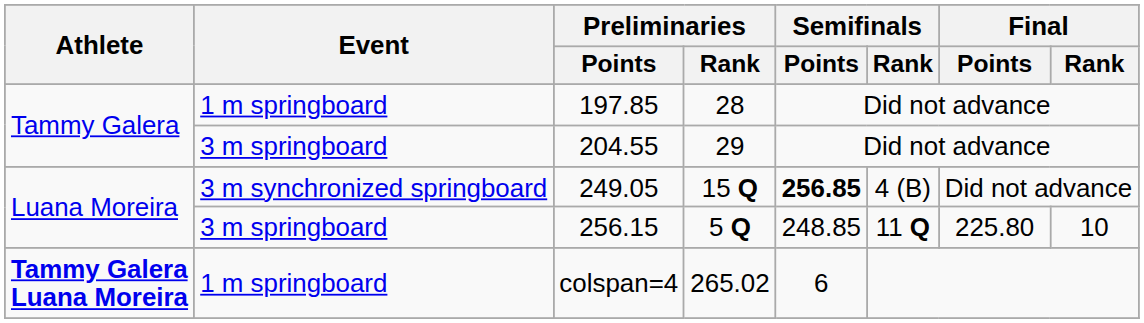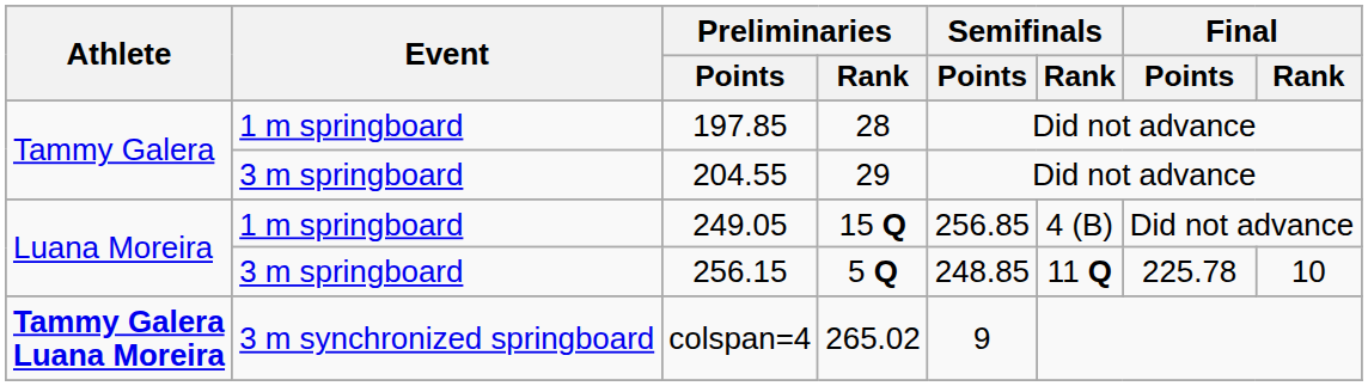 <table class=wikitable style="font-size:90%;">
 <tr>
 <th rowspan="2">Athlete</th>
 <th rowspan="2">Event</th>
 <th colspan="2">Preliminaries</th>
 <th colspan="2">Semifinals</th>
 <th colspan="2">Final</th>
 </tr>
 <tr style="font-size:95%">
 <th>Points</th>
 <th>Rank</th>
 <th>Points</th>
 <th>Rank</th>
 <th>Points</th>
 <th>Rank</th>
 </tr>
 <tr align=center>
 <td align=left rowspan=2><a href='#'>Tammy Galera</a></td>
 <td align=left><a href='#'>1 m springboard</a></td>
 <td>197.85</td>
 <td>28</td>
 <td colspan=4>Did not advance</td>
 </tr>
 <tr align=center>
 <td align=left><a href='#'>3 m springboard</a></td>
 <td>204.55</td>
 <td>29</td>
 <td colspan=4>Did not advance</td>
 </tr>
 <tr align=center>
 <td align=left rowspan=2><a href='#'>Luana Moreira</a></td>
-<td align=left><a href='#'>3 m synchronized springboard</a></td>
+<td align=left><a href='#'>1 m springboard</a></td>
 <td>249.05</td>
 <td>15 <strong>Q</strong></td>
-<td><strong>256.85</strong></td>
+<td>256.85</td>
 <td>4 (B)</td>
 <td colspan=2>Did not advance</td>
 </tr>
 <tr align=center>
 <td align=left><a href='#'>3 m springboard</a></td>
 <td>256.15</td>
 <td>5 <strong>Q</strong></td>
 <td>248.85</td>
 <td>11 <strong>Q</strong></td>
-<td>225.80</td>
+<td>225.78</td>
 <td>10</td>
 </tr>
 <tr align=center>
 <td align=left><strong><a href='#'>Tammy Galera</a><br><a href='#'>Luana Moreira</a></strong></td>
-<td align=left><a href='#'>1 m springboard</a></td>
+<td align=left><a href='#'>3 m synchronized springboard</a></td>
 <td>colspan=4 </td>
 <td>265.02</td>
-<td>6</td>
+<td>9</td>
 </tr>
 </table>
